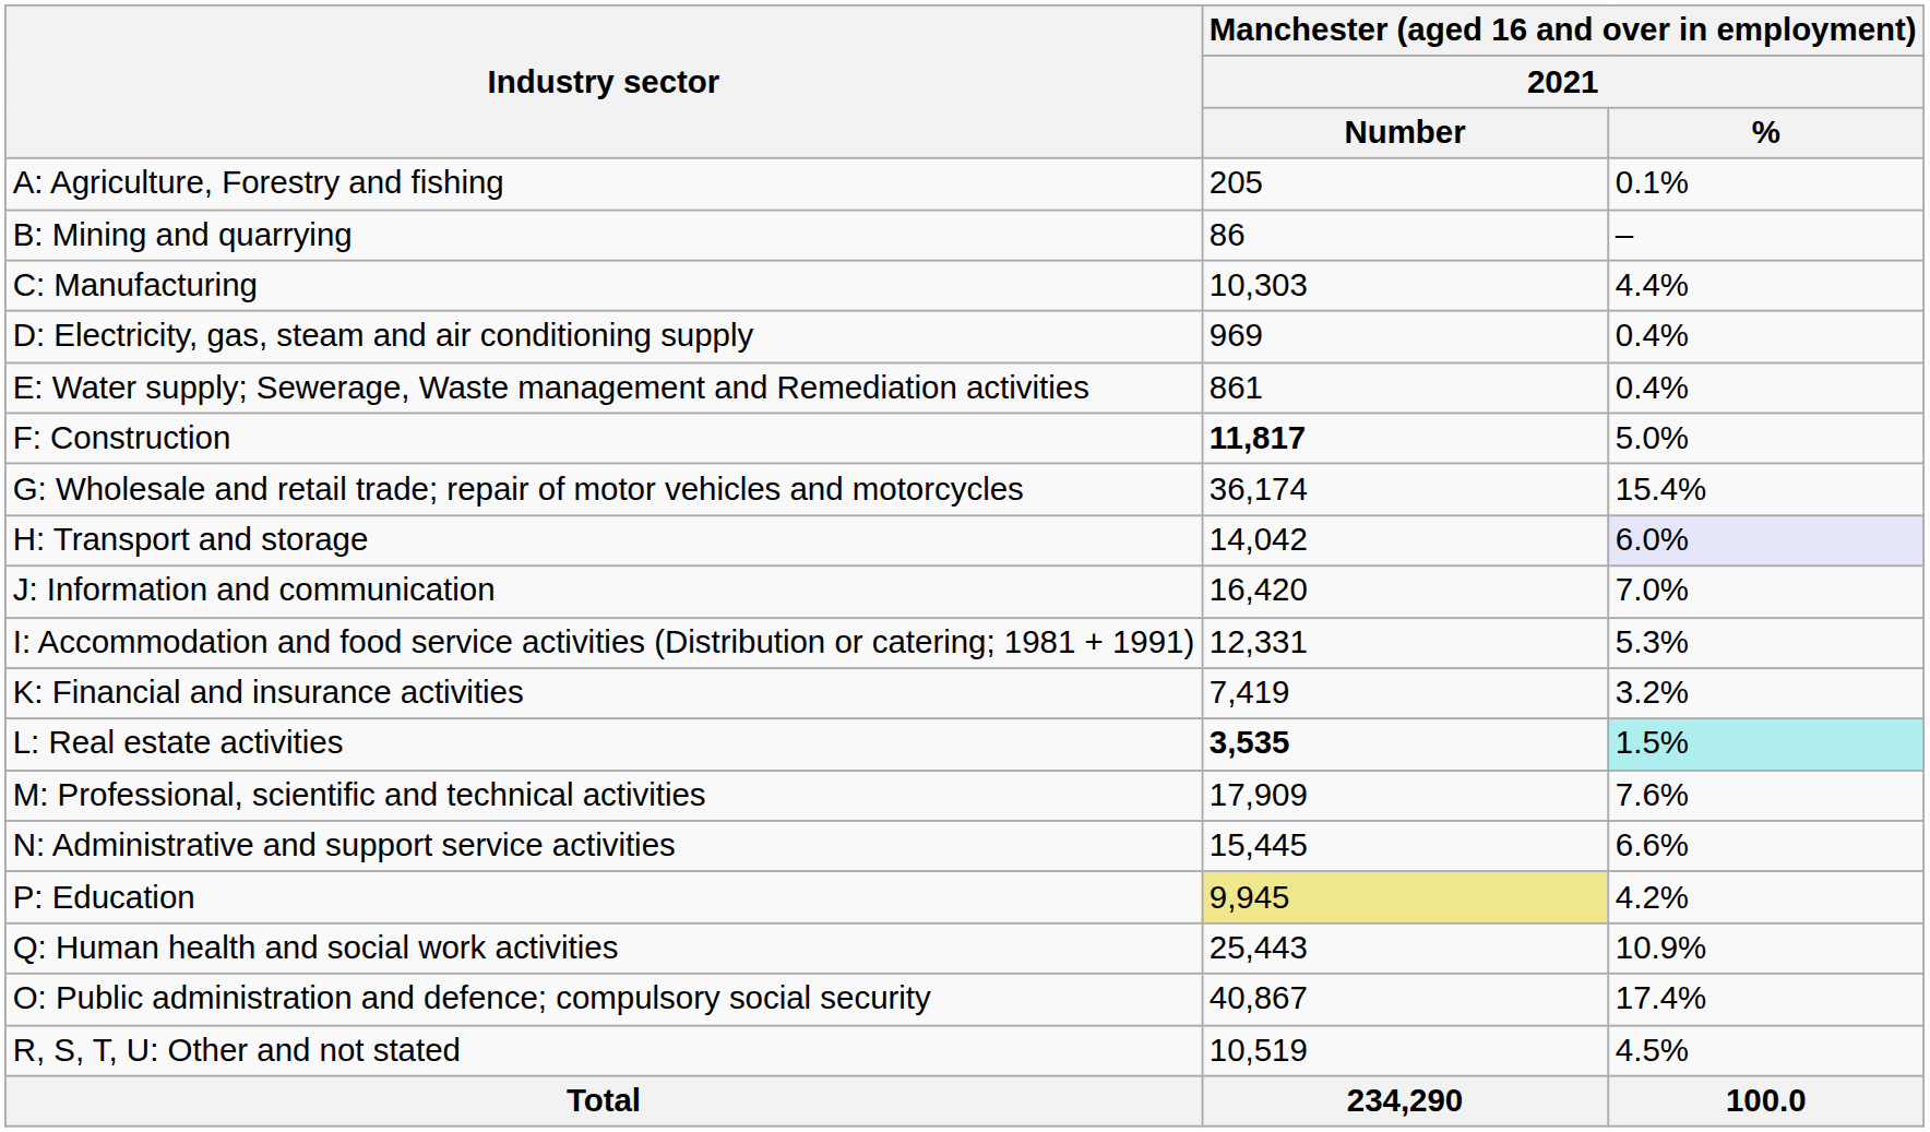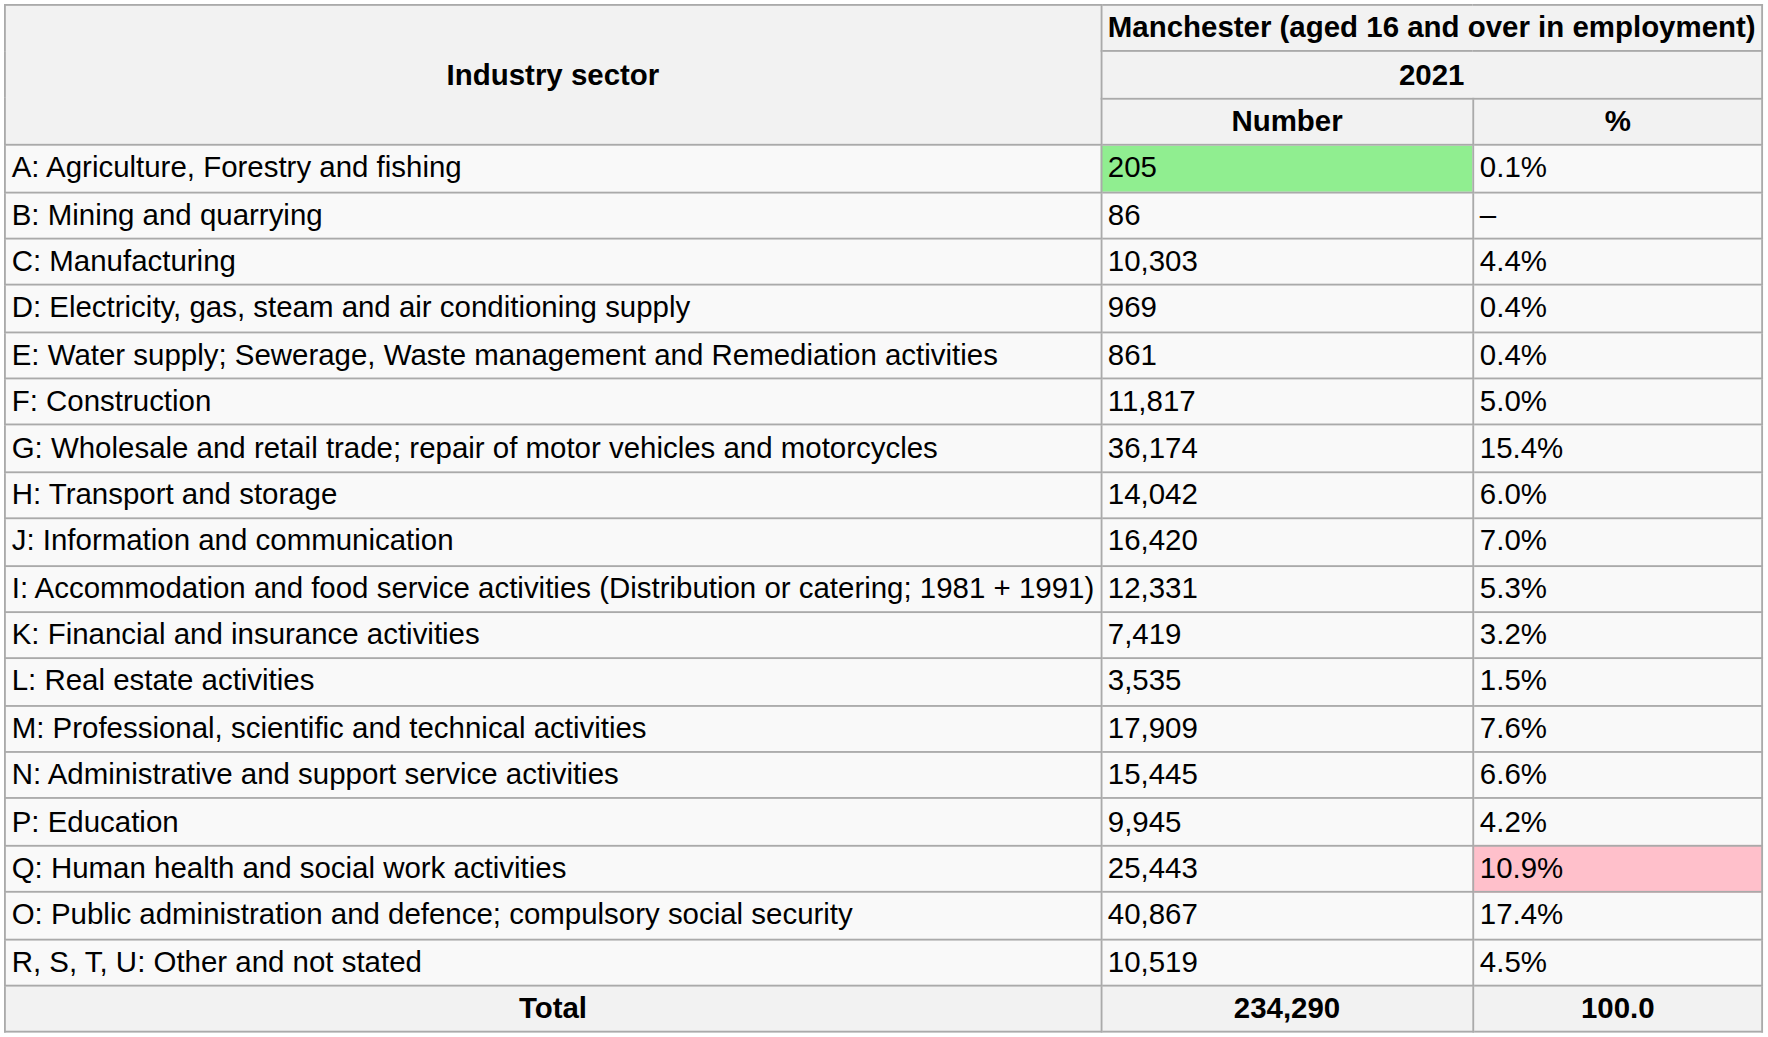 <table class="wikitable sortable mw-collapsible">
 <tr>
 <th rowspan="3">Industry sector</th>
 <th colspan="2">Manchester (aged 16 and over in employment)</th>
 </tr>
 <tr>
 <th colspan="2">2021</th>
 </tr>
 <tr>
 <th>Number</th>
 <th>%</th>
 </tr>
 <tr>
 <td>A: Agriculture, Forestry and fishing</td>
-<td>205</td>
+<td style="background: lightgreen;">205</td>
 <td>0.1%</td>
 </tr>
 <tr>
 <td>B: Mining and quarrying</td>
 <td>86</td>
 <td>–</td>
 </tr>
 <tr>
 <td>C: Manufacturing</td>
 <td>10,303</td>
 <td>4.4%</td>
 </tr>
 <tr>
 <td>D: Electricity, gas, steam and air conditioning supply</td>
 <td>969</td>
 <td>0.4%</td>
 </tr>
 <tr>
 <td>E: Water supply; Sewerage, Waste management and Remediation activities</td>
 <td>861</td>
 <td>0.4%</td>
 </tr>
 <tr>
 <td>F: Construction</td>
-<td><strong>11,817</strong></td>
+<td>11,817</td>
 <td>5.0%</td>
 </tr>
 <tr>
 <td>G: Wholesale and retail trade; repair of motor vehicles and motorcycles</td>
 <td>36,174</td>
 <td>15.4%</td>
 </tr>
 <tr>
 <td>H: Transport and storage</td>
 <td>14,042</td>
-<td style="background: lavender;">6.0%</td>
+<td>6.0%</td>
 </tr>
 <tr>
 <td>J: Information and communication</td>
 <td>16,420</td>
 <td>7.0%</td>
 </tr>
 <tr>
 <td>I: Accommodation and food service activities (Distribution or catering; 1981 + 1991)</td>
 <td>12,331</td>
 <td>5.3%</td>
 </tr>
 <tr>
 <td>K: Financial and insurance activities</td>
 <td>7,419</td>
 <td>3.2%</td>
 </tr>
 <tr>
 <td>L: Real estate activities</td>
-<td><strong>3,535</strong></td>
-<td style="background: paleturquoise;">1.5%</td>
+<td>3,535</td>
+<td>1.5%</td>
 </tr>
 <tr>
 <td>M: Professional, scientific and technical activities</td>
 <td>17,909</td>
 <td>7.6%</td>
 </tr>
 <tr>
 <td>N: Administrative and support service activities</td>
 <td>15,445</td>
 <td>6.6%</td>
 </tr>
 <tr>
 <td>P: Education</td>
-<td style="background: khaki;">9,945</td>
+<td>9,945</td>
 <td>4.2%</td>
 </tr>
 <tr>
 <td>Q: Human health and social work activities</td>
 <td>25,443</td>
-<td>10.9%</td>
+<td style="background: pink;">10.9%</td>
 </tr>
 <tr>
 <td>O: Public administration and defence; compulsory social security</td>
 <td>40,867</td>
 <td>17.4%</td>
 </tr>
 <tr>
 <td>R, S, T, U: Other and not stated</td>
 <td>10,519</td>
 <td>4.5%</td>
 </tr>
 <tr>
 <th>Total</th>
 <th>234,290</th>
 <th>100.0</th>
 </tr>
 </table>
